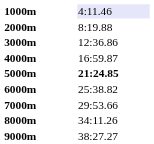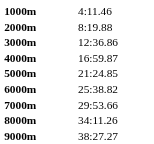 <table>
 <tr>
 <th width=100></th>
 <th width=100></th>
 <th width=300></th>
 </tr>
 <tr>
 <td><strong>1000m</strong></td>
-<td style="background: lavender;">4:11.46</td>
+<td>4:11.46</td>
 <td></td>
 </tr>
 <tr>
 <td><strong>2000m</strong></td>
 <td>8:19.88</td>
 <td></td>
 </tr>
 <tr>
 <td><strong>3000m</strong></td>
 <td>12:36.86</td>
 <td></td>
 </tr>
 <tr>
 <td><strong>4000m</strong></td>
 <td>16:59.87</td>
 <td></td>
 </tr>
 <tr>
 <td><strong>5000m</strong></td>
-<td><strong>21:24.85</strong></td>
+<td>21:24.85</td>
 <td></td>
 </tr>
 <tr>
 <td><strong>6000m</strong></td>
 <td>25:38.82</td>
 <td></td>
 </tr>
 <tr>
 <td><strong>7000m</strong></td>
 <td>29:53.66</td>
 <td></td>
 </tr>
 <tr>
 <td><strong>8000m</strong></td>
 <td>34:11.26</td>
 <td></td>
 </tr>
 <tr>
 <td><strong>9000m</strong></td>
 <td>38:27.27</td>
 <td></td>
 </tr>
 <tr>
 </tr>
 </table>
